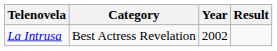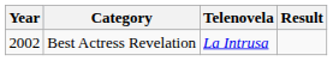 <table class="wikitable">
 <tr style="background:#b0c4de;">
+<th>Year</th>
+<th>Category</th>
 <th>Telenovela</th>
-<th>Category</th>
-<th>Year</th>
 <th>Result</th>
 </tr>
 <tr>
+<td>2002</td>
+<td>Best Actress Revelation</td>
 <td><em><a href='#'>La Intrusa</a></em></td>
-<td>Best Actress Revelation</td>
-<td>2002</td>
 <td></td>
 </tr>
 </table>
